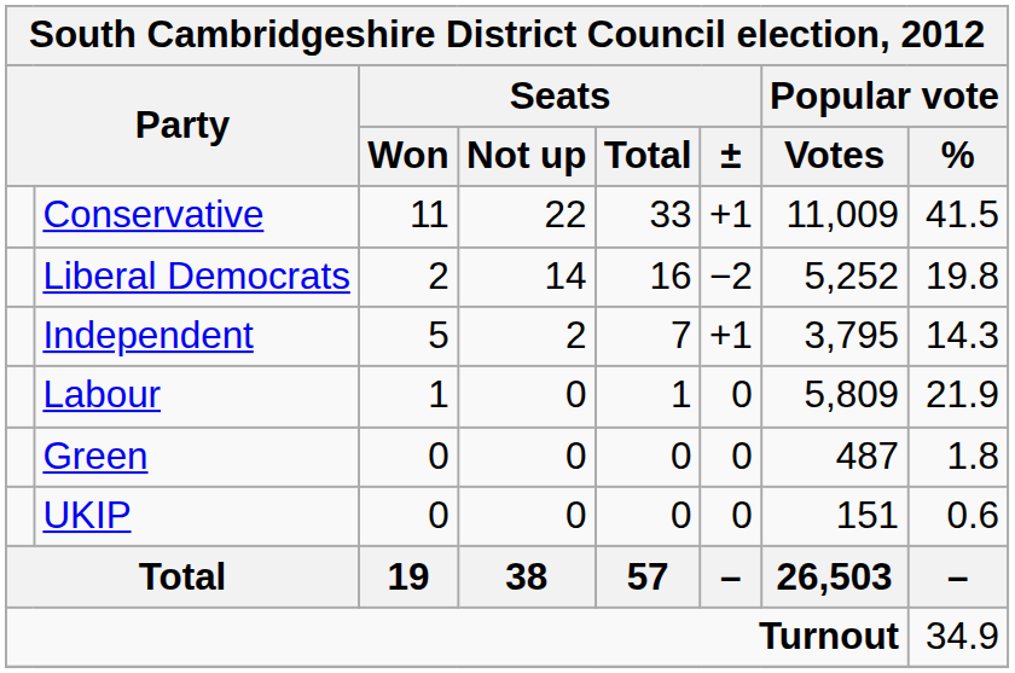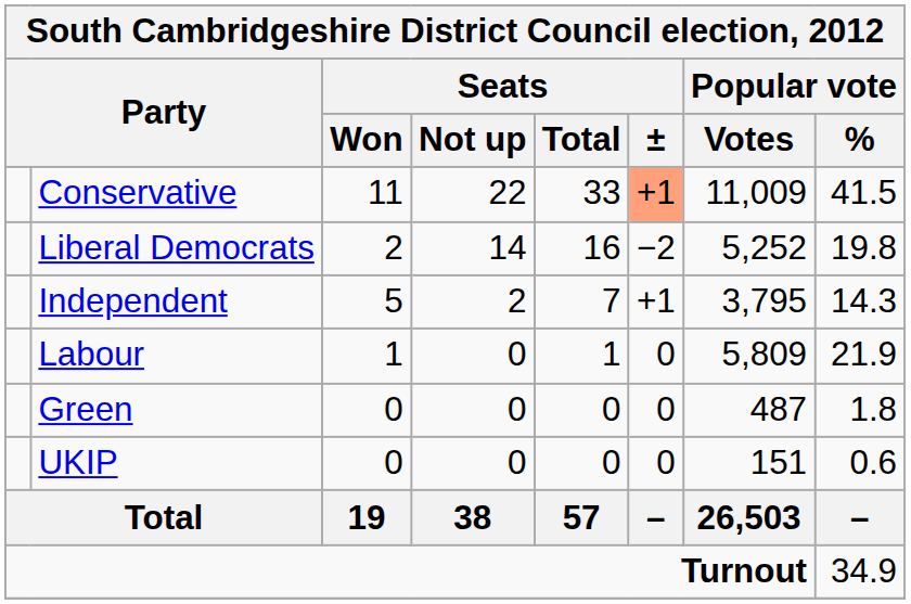 <table class="wikitable">
 <tr>
 <th colspan="8"><strong>South Cambridgeshire District Council election, 2012</strong></th>
 </tr>
 <tr>
 <th rowspan="2" colspan="2">Party</th>
 <th colspan="4">Seats</th>
 <th colspan="2">Popular vote</th>
 </tr>
 <tr>
 <th>Won</th>
 <th>Not up</th>
 <th>Total</th>
 <th>±</th>
 <th>Votes</th>
 <th>%</th>
 </tr>
 <tr>
 <td style="background-color: "> </td>
 <td><a href='#'>Conservative</a></td>
 <td align=right>11</td>
 <td align=right>22</td>
 <td align=right>33</td>
-<td align=right>+1</td>
+<td align=right style="background: lightsalmon;">+1</td>
 <td align=right>11,009</td>
 <td align=right>41.5</td>
 </tr>
 <tr>
 <td style="background-color: "> </td>
 <td><a href='#'>Liberal Democrats</a></td>
 <td align=right>2</td>
 <td align=right>14</td>
 <td align=right>16</td>
 <td align=right>−2</td>
 <td align=right>5,252</td>
 <td align=right>19.8</td>
 </tr>
 <tr>
 <td style="background-color: "> </td>
 <td><a href='#'>Independent</a></td>
 <td align=right>5</td>
 <td align=right>2</td>
 <td align=right>7</td>
 <td align=right>+1</td>
 <td align=right>3,795</td>
 <td align=right>14.3</td>
 </tr>
 <tr>
 <td style="background-color: "> </td>
 <td><a href='#'>Labour</a></td>
 <td align=right>1</td>
 <td align=right>0</td>
 <td align=right>1</td>
 <td align=right>0</td>
 <td align=right>5,809</td>
 <td align=right>21.9</td>
 </tr>
 <tr>
 <td style="background-color: "> </td>
 <td><a href='#'>Green</a></td>
 <td align=right>0</td>
 <td align=right>0</td>
 <td align=right>0</td>
 <td align=right>0</td>
 <td align=right>487</td>
 <td align=right>1.8</td>
 </tr>
 <tr>
 <td style="background-color: "> </td>
 <td><a href='#'>UKIP</a></td>
 <td align=right>0</td>
 <td align=right>0</td>
 <td align=right>0</td>
 <td align=right>0</td>
 <td align=right>151</td>
 <td align=right>0.6</td>
 </tr>
 <tr>
 <th colspan="2">Total</th>
 <th align=right>19</th>
 <th align=right>38</th>
 <th align=right>57</th>
 <th align=right>–</th>
 <th align=right>26,503</th>
 <th align=right>–</th>
 </tr>
 <tr>
 <td colspan="7" align=right><strong>Turnout</strong></td>
 <td align=right>34.9</td>
 </tr>
 <tr>
 </tr>
 </table>
